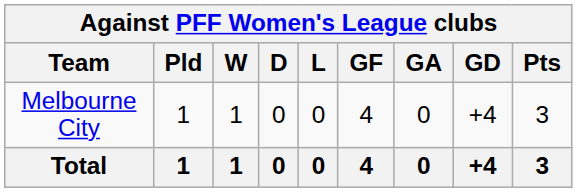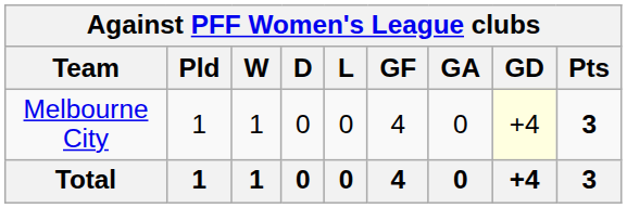 <table class="wikitable" width="60%" style="text-align:center">
 <tr>
 <th colspan="9">Against <a href='#'>PFF Women's League</a> clubs</th>
 </tr>
 <tr>
 <th width="10%">Team</th>
 <th width="5%">Pld</th>
 <th width="5%">W</th>
 <th width="5%">D</th>
 <th width="5%">L</th>
 <th width="5%">GF</th>
 <th width="5%">GA</th>
 <th width="5%">GD</th>
 <th width="5%">Pts</th>
 </tr>
 <tr>
 <td><a href='#'>Melbourne City</a></td>
 <td>1</td>
 <td>1</td>
 <td>0</td>
 <td>0</td>
 <td>4</td>
 <td>0</td>
-<td>+4</td>
-<td>3</td>
+<td style="background: lightyellow;">+4</td>
+<td><strong>3</strong></td>
 </tr>
 <tr>
 <th>Total</th>
 <th>1</th>
 <th>1</th>
 <th>0</th>
 <th>0</th>
 <th>4</th>
 <th>0</th>
 <th>+4</th>
 <th>3</th>
 </tr>
 </table>
